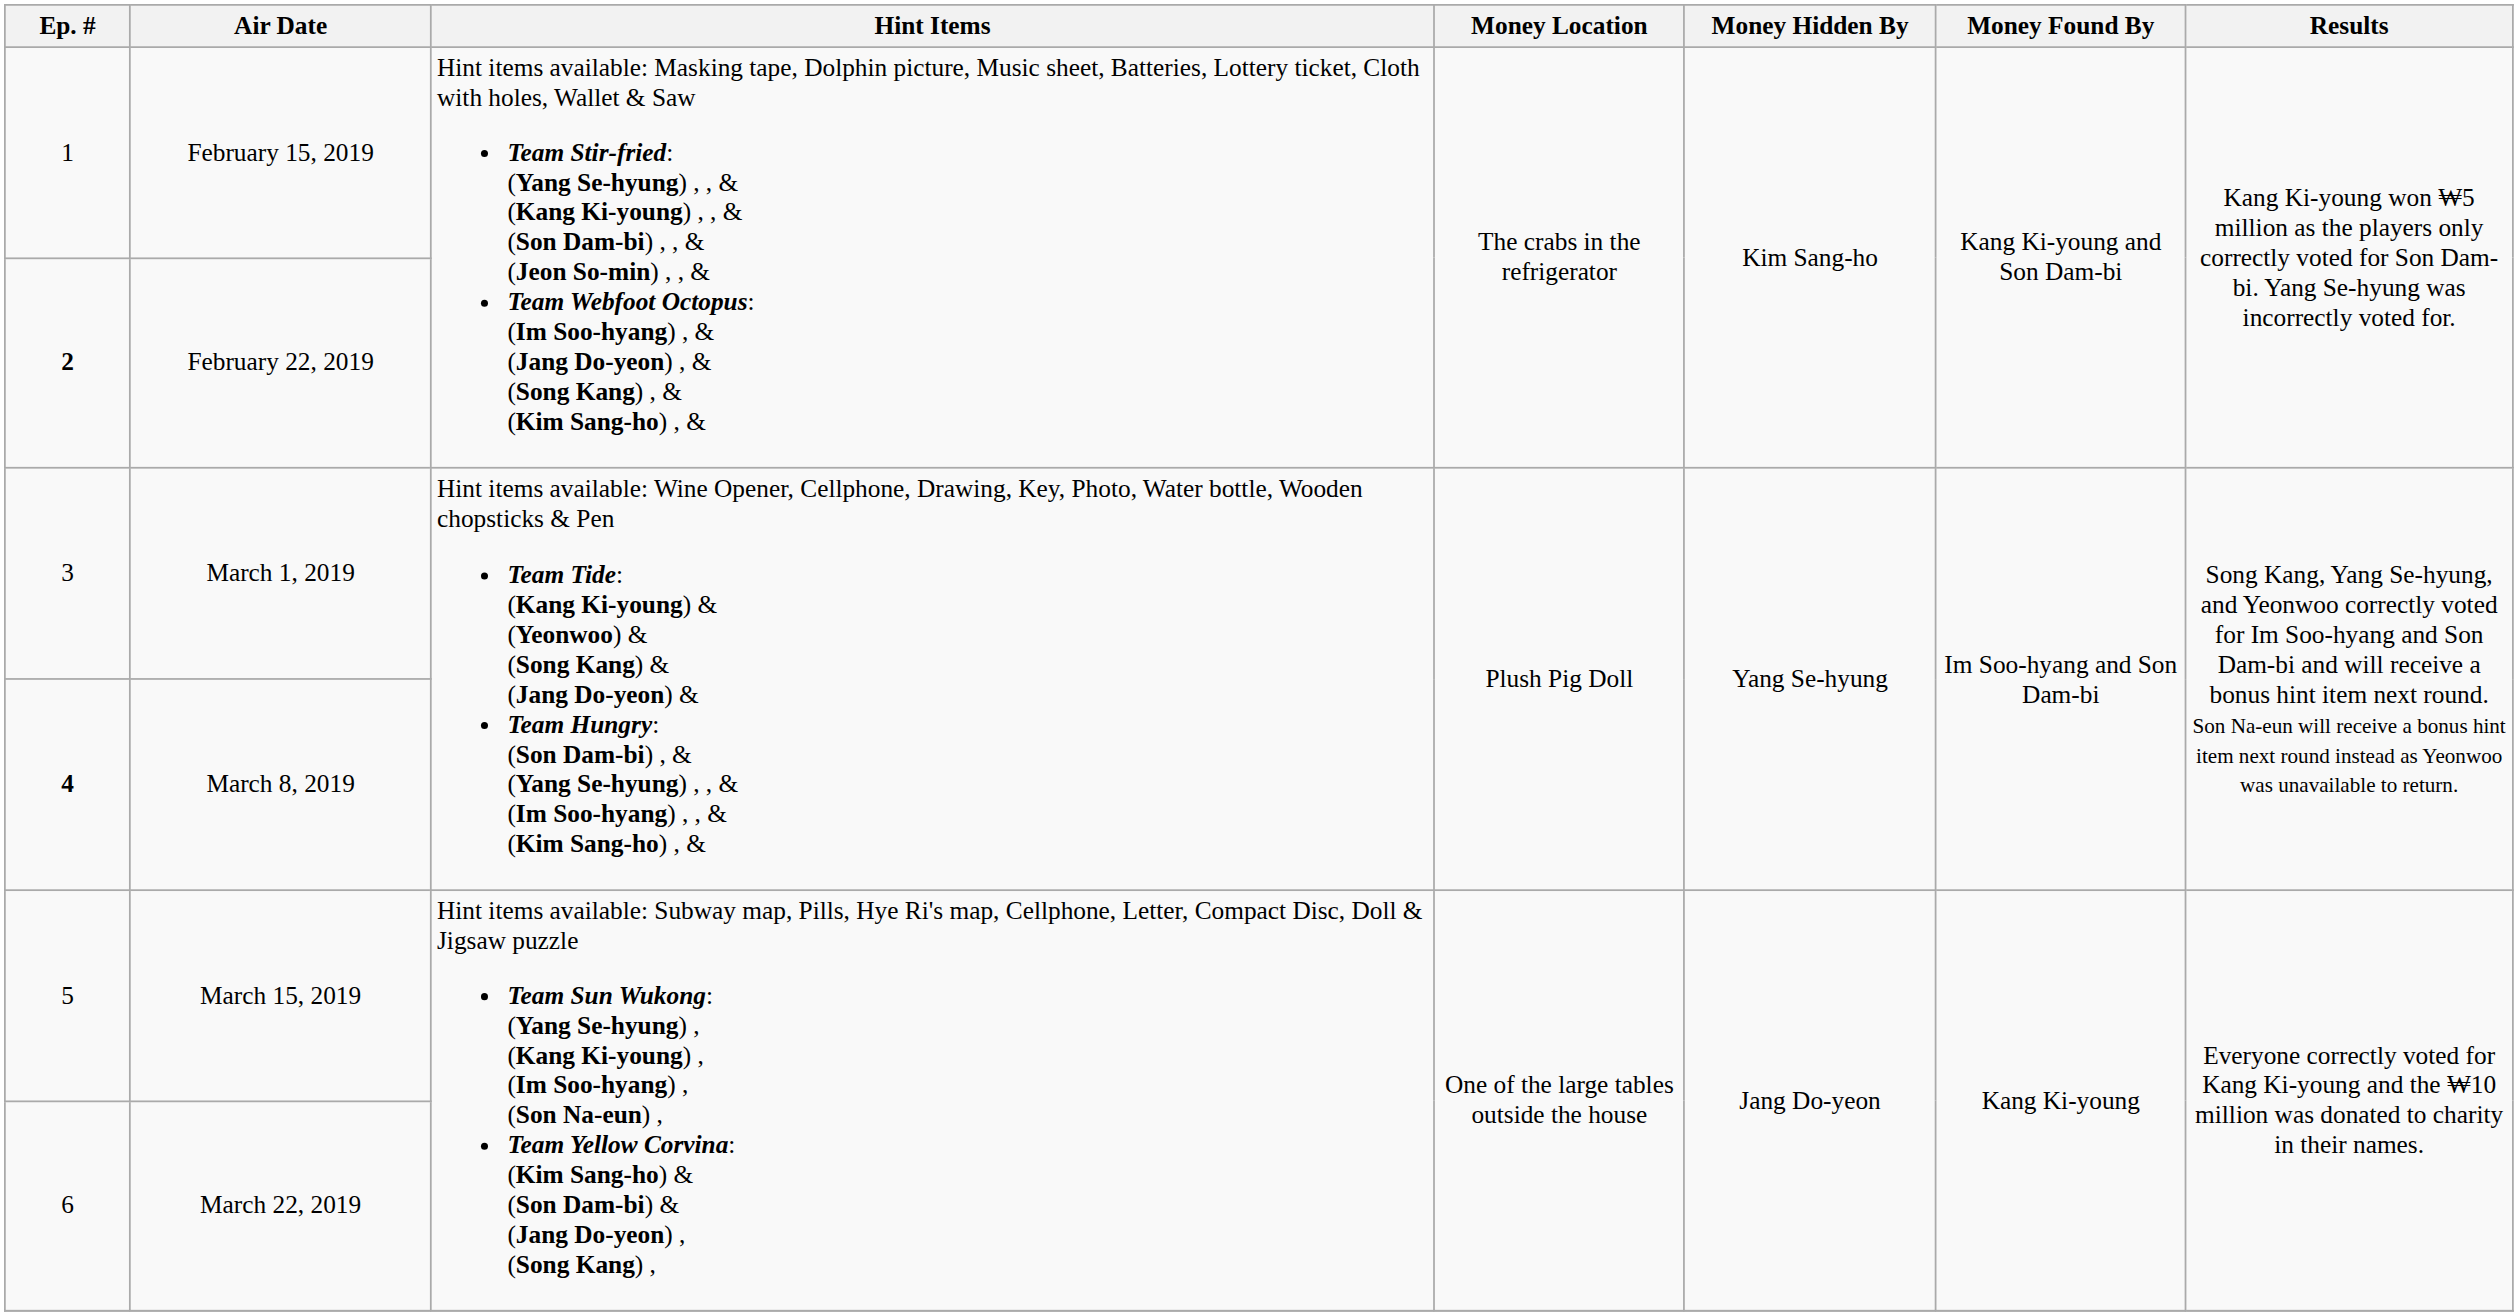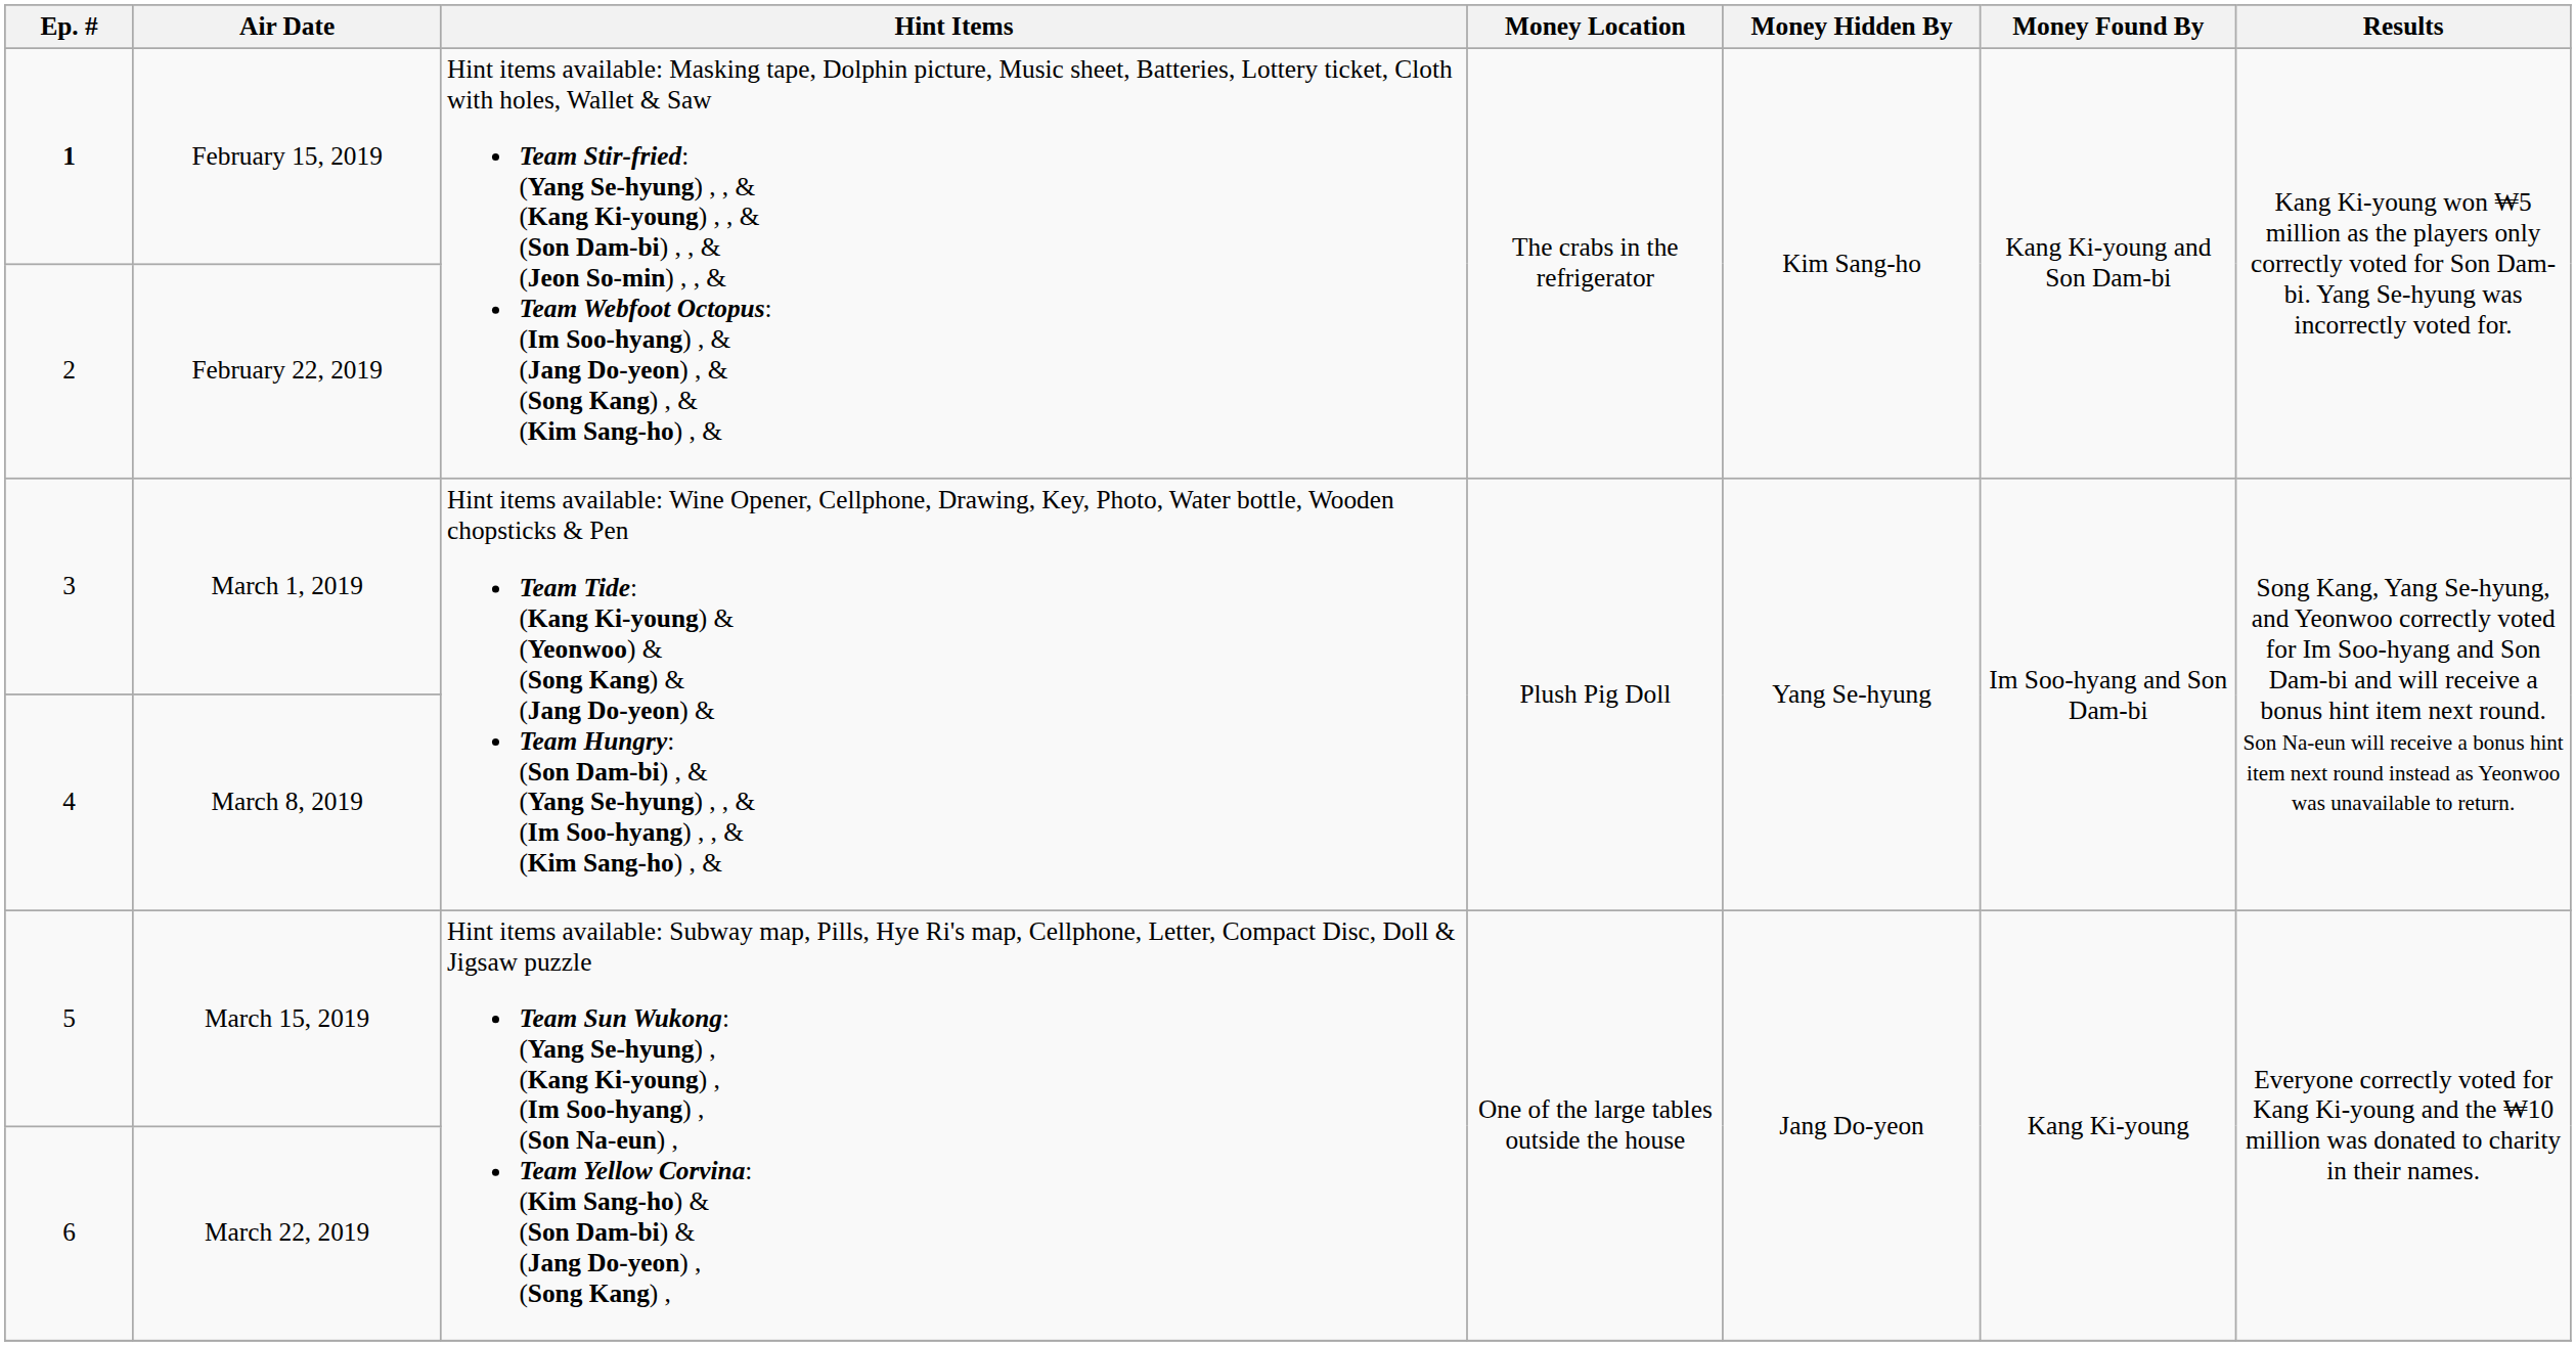 <table class="wikitable" style="text-align:center; font-size:90%;width:90%">
 <tr>
 <th style=width:5%>Ep. #</th>
 <th style=width:12%>Air Date</th>
 <th style=width:40%>Hint Items</th>
 <th style=width:10%>Money Location</th>
 <th style=width:10%>Money Hidden By</th>
 <th style=width:10%>Money Found By</th>
 <th style=width:15%>Results</th>
 </tr>
 <tr>
-<td>1</td>
+<td><strong>1</strong></td>
 <td>February 15, 2019</td>
 <td rowspan=2 style=text-align:left>Hint items available: Masking tape, Dolphin picture, Music sheet, Batteries, Lottery ticket, Cloth with holes, Wallet & Saw<br><ul><li><strong><em>Team Stir-fried</em></strong>:<br>(<strong>Yang Se-hyung</strong>) <strong></strong>, ,  & <br>(<strong>Kang Ki-young</strong>) <strong></strong>, ,  & <br>(<strong>Son Dam-bi</strong>) <strong></strong>, ,  & <br>(<strong>Jeon So-min</strong>) <strong></strong>, ,  & </li><li><strong><em>Team Webfoot Octopus</em></strong>:<br>(<strong>Im Soo-hyang</strong>) <strong></strong>,  & <br>(<strong>Jang Do-yeon</strong>) <strong></strong>,  & <br>(<strong>Song Kang</strong>) <strong></strong>,  & <br>(<strong>Kim Sang-ho</strong>) <strong></strong>,  & </li></ul></td>
 <td rowspan="2">The crabs in the refrigerator</td>
 <td rowspan="2">Kim Sang-ho</td>
 <td rowspan="2">Kang Ki-young and Son Dam-bi</td>
 <td rowspan="2">Kang Ki-young won ₩5 million as the players only correctly voted for Son Dam-bi. Yang Se-hyung was incorrectly voted for.</td>
 </tr>
 <tr>
-<td><strong>2</strong></td>
+<td>2</td>
 <td>February 22, 2019</td>
 </tr>
 <tr>
 <td>3</td>
 <td>March 1, 2019</td>
 <td rowspan=2 style=text-align:left>Hint items available: Wine Opener, Cellphone, Drawing, Key, Photo, Water bottle, Wooden chopsticks & Pen<br><ul><li><strong><em>Team Tide</em></strong>:<br>(<strong>Kang Ki-young</strong>) <strong></strong> & <br>(<strong>Yeonwoo</strong>) <strong></strong> & <br>(<strong>Song Kang</strong>) <strong></strong> & <br>(<strong>Jang Do-yeon</strong>) <strong></strong> & </li><li><strong><em>Team Hungry</em></strong>:<br>(<strong>Son Dam-bi</strong>) <strong></strong>,  & <br>(<strong>Yang Se-hyung</strong>) <strong></strong>, ,  & <br>(<strong>Im Soo-hyang</strong>) <strong></strong>, ,  & <br>(<strong>Kim Sang-ho</strong>) <strong></strong>,  & </li></ul></td>
 <td rowspan="2">Plush Pig Doll</td>
 <td rowspan="2">Yang Se-hyung</td>
 <td rowspan="2">Im Soo-hyang and Son Dam-bi</td>
 <td rowspan="2">Song Kang, Yang Se-hyung, and Yeonwoo correctly voted for Im Soo-hyang and Son Dam-bi and will receive a bonus hint item next round.<br><small>Son Na-eun will receive a bonus hint item next round instead as Yeonwoo was unavailable to return.</small></td>
 </tr>
 <tr>
-<td><strong>4</strong></td>
+<td>4</td>
 <td>March 8, 2019</td>
 </tr>
 <tr>
 <td>5</td>
 <td>March 15, 2019</td>
 <td rowspan=2 style=text-align:left>Hint items available: Subway map, Pills, Hye Ri's map, Cellphone, Letter, Compact Disc, Doll & Jigsaw puzzle<br><ul><li><strong><em>Team Sun Wukong</em></strong>:<br>(<strong>Yang Se-hyung</strong>) <strong></strong>, <br>(<strong>Kang Ki-young</strong>) <strong></strong>, <br>(<strong>Im Soo-hyang</strong>) <strong></strong>, <br>(<strong>Son Na-eun</strong>) <strong></strong>, </li><li><strong><em>Team Yellow Corvina</em></strong>:<br>(<strong>Kim Sang-ho</strong>) <strong></strong> & <br>(<strong>Son Dam-bi</strong>) <strong></strong> & <br>(<strong>Jang Do-yeon</strong>) <strong></strong>, <br>(<strong>Song Kang</strong>) <strong></strong>, </li></ul></td>
 <td rowspan="2">One of the large tables outside the house</td>
 <td rowspan="2">Jang Do-yeon</td>
 <td rowspan="2">Kang Ki-young</td>
 <td rowspan="2">Everyone correctly voted for Kang Ki-young and the ₩10 million was donated to charity in their names.</td>
 </tr>
 <tr>
 <td>6</td>
 <td>March 22, 2019</td>
 </tr>
 <tr>
 </tr>
 </table>
